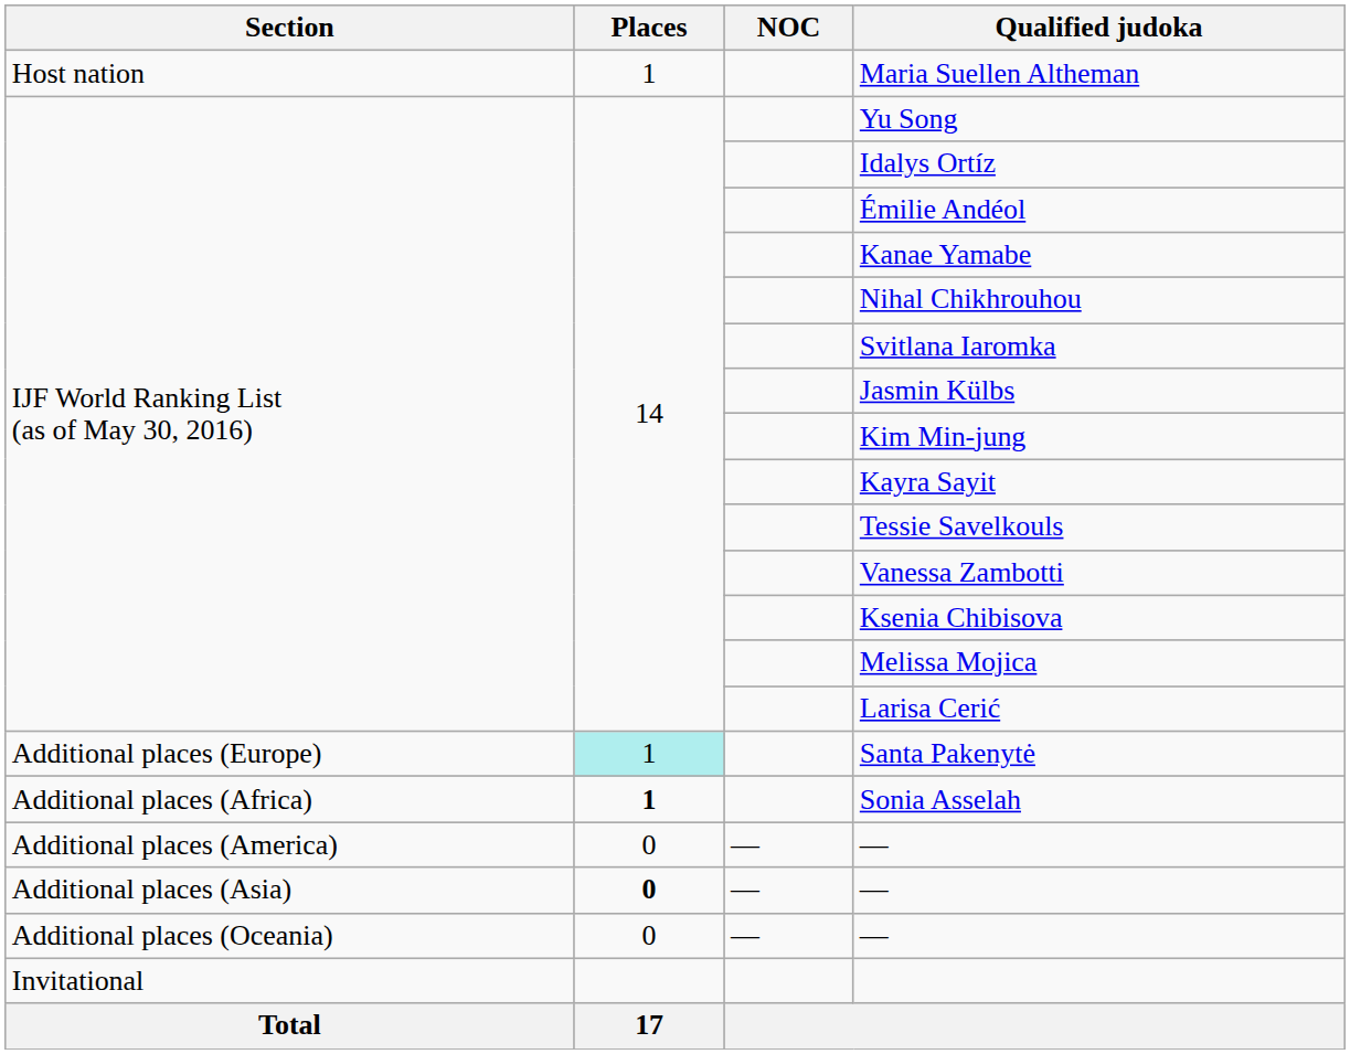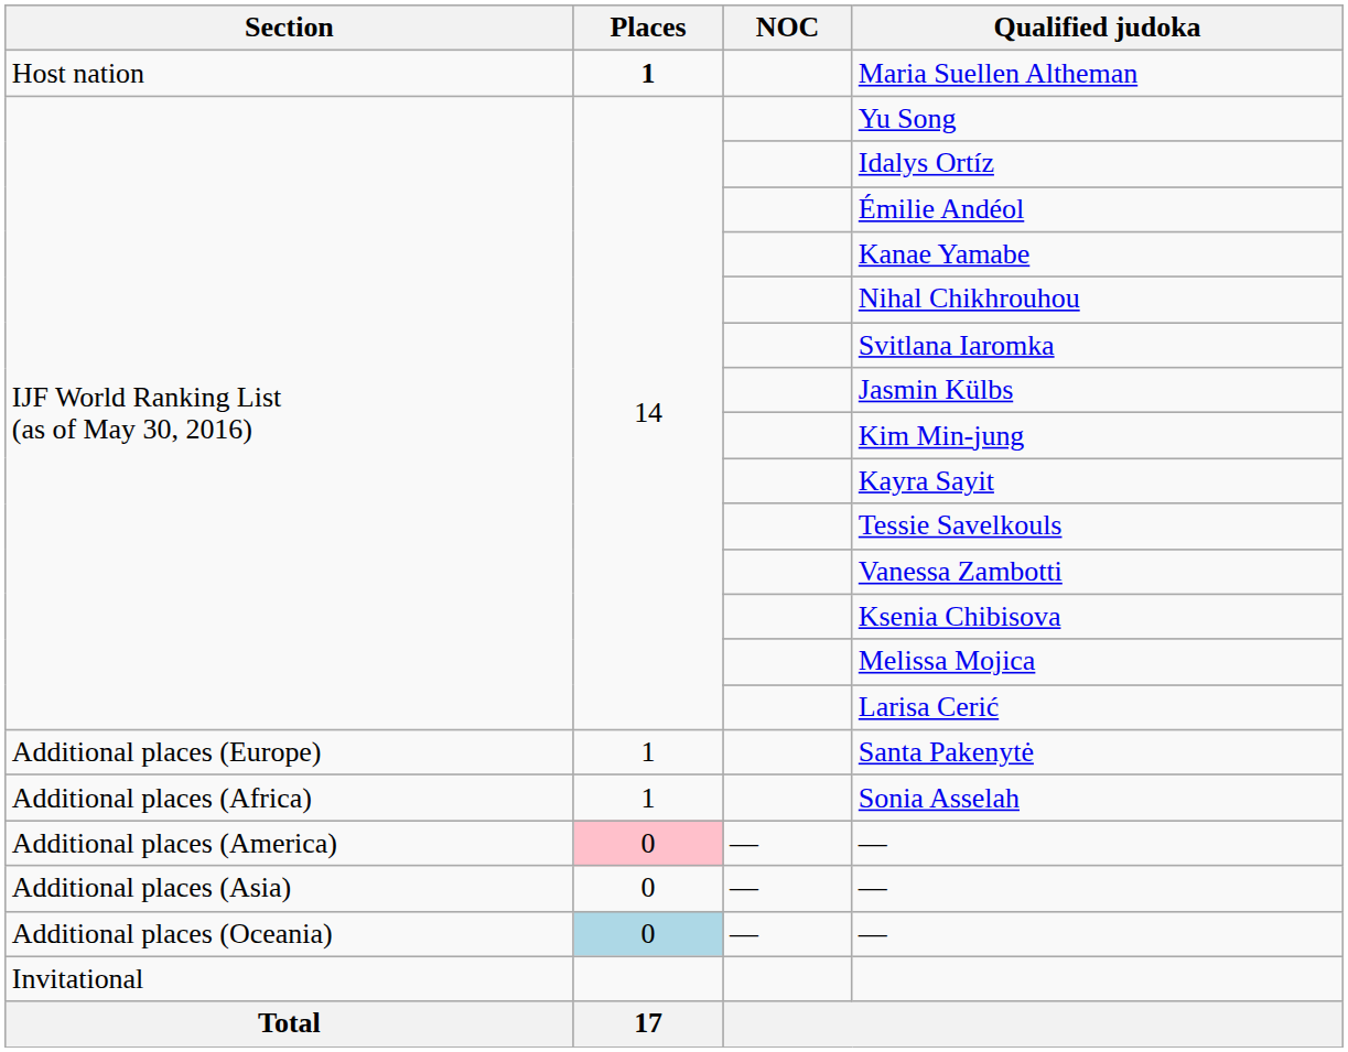 <table class="wikitable"  width=750>
 <tr>
 <th>Section</th>
 <th>Places</th>
 <th>NOC</th>
 <th>Qualified judoka</th>
 </tr>
 <tr>
 <td>Host nation</td>
-<td align=center>1</td>
+<td align=center><strong>1</strong></td>
 <td></td>
 <td><a href='#'>Maria Suellen Altheman</a></td>
 </tr>
 <tr>
 <td rowspan=14>IJF World Ranking List<br>(as of May 30, 2016)</td>
 <td rowspan=14 align=center>14</td>
 <td></td>
 <td><a href='#'>Yu Song</a></td>
 </tr>
 <tr>
 <td></td>
 <td><a href='#'>Idalys Ortíz</a></td>
 </tr>
 <tr>
 <td></td>
 <td><a href='#'>Émilie Andéol</a></td>
 </tr>
 <tr>
 <td></td>
 <td><a href='#'>Kanae Yamabe</a></td>
 </tr>
 <tr>
 <td></td>
 <td><a href='#'>Nihal Chikhrouhou</a></td>
 </tr>
 <tr>
 <td></td>
 <td><a href='#'>Svitlana Iaromka</a></td>
 </tr>
 <tr>
 <td></td>
 <td><a href='#'>Jasmin Külbs</a></td>
 </tr>
 <tr>
 <td></td>
 <td><a href='#'>Kim Min-jung</a></td>
 </tr>
 <tr>
 <td></td>
 <td><a href='#'>Kayra Sayit</a></td>
 </tr>
 <tr>
 <td></td>
 <td><a href='#'>Tessie Savelkouls</a></td>
 </tr>
 <tr>
 <td></td>
 <td><a href='#'>Vanessa Zambotti</a></td>
 </tr>
 <tr>
 <td></td>
 <td><a href='#'>Ksenia Chibisova</a></td>
 </tr>
 <tr>
 <td></td>
 <td><a href='#'>Melissa Mojica</a></td>
 </tr>
 <tr>
 <td></td>
 <td><a href='#'>Larisa Cerić</a></td>
 </tr>
 <tr>
 <td>Additional places (Europe)</td>
-<td align=center style="background: paleturquoise;">1</td>
+<td align=center>1</td>
 <td></td>
 <td><a href='#'>Santa Pakenytė</a></td>
 </tr>
 <tr>
 <td>Additional places (Africa)</td>
-<td align=center><strong>1</strong></td>
+<td align=center>1</td>
 <td></td>
 <td><a href='#'>Sonia Asselah</a></td>
 </tr>
 <tr>
 <td>Additional places (America)</td>
+<td align=center style="background: pink;">0</td>
+<td>—</td>
+<td>—</td>
+</tr>
+<tr>
+<td>Additional places (Asia)</td>
 <td align=center>0</td>
 <td>—</td>
 <td>—</td>
 </tr>
 <tr>
-<td>Additional places (Asia)</td>
-<td align=center><strong>0</strong></td>
-<td>—</td>
-<td>—</td>
-</tr>
-<tr>
 <td>Additional places (Oceania)</td>
-<td align=center>0</td>
+<td align=center style="background: lightblue;">0</td>
 <td>—</td>
 <td>—</td>
 </tr>
 <tr>
 <td>Invitational</td>
 <td align=center></td>
 <td></td>
 <td></td>
 </tr>
 <tr>
 <th>Total</th>
 <th>17</th>
 <th colspan=2></th>
 </tr>
 </table>
